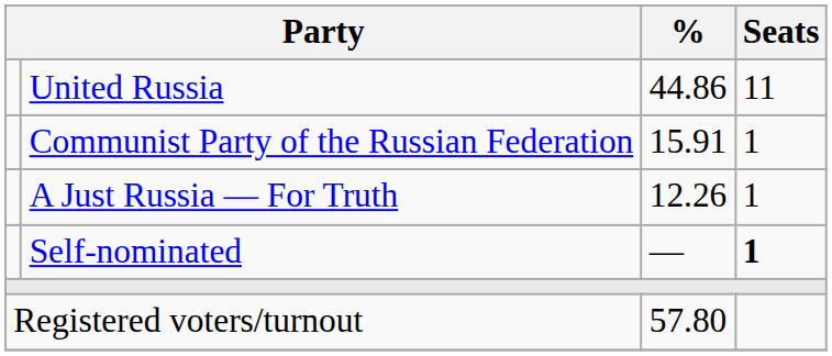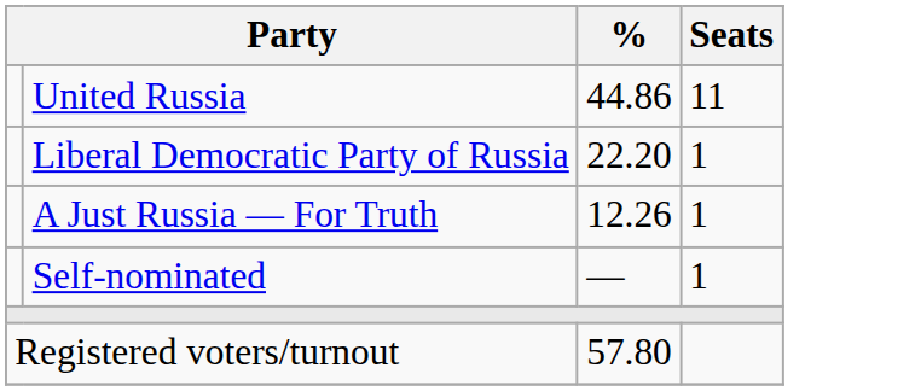 <table class="wikitable">
 <tr>
 <th colspan=2>Party</th>
 <th>%</th>
 <th>Seats</th>
 </tr>
 <tr>
 <td style="background:"></td>
 <td><a href='#'>United Russia</a></td>
 <td>44.86</td>
 <td>11</td>
 </tr>
 <tr>
 <td style="background:"></td>
-<td><a href='#'>Communist Party of the Russian Federation</a></td>
-<td>15.91</td>
+<td><a href='#'>Liberal Democratic Party of Russia</a></td>
+<td>22.20</td>
 <td>1</td>
 </tr>
 <tr>
 <td style="background:"></td>
 <td><a href='#'>A Just Russia — For Truth</a></td>
 <td>12.26</td>
 <td>1</td>
 </tr>
 <tr>
 <td style="background:"></td>
 <td><a href='#'>Self-nominated</a></td>
 <td>—</td>
-<td><strong>1</strong></td>
+<td>1</td>
 </tr>
 <tr>
 <td colspan=4 style="background:#E9E9E9;"></td>
 </tr>
 <tr>
 <td align=left colspan=2>Registered voters/turnout</td>
 <td>57.80</td>
 <td></td>
 </tr>
 <tr>
 </tr>
 </table>
